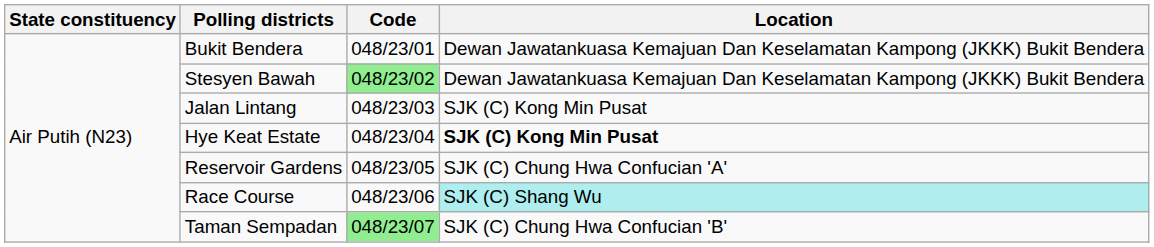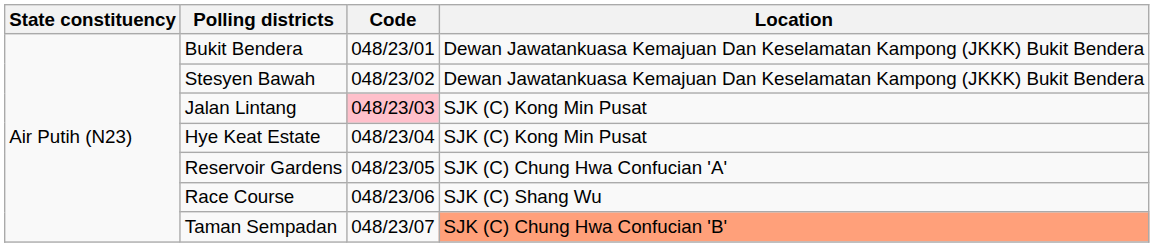 <table class="wikitable sortable mw-collapsible" style="white-space:nowrap;font-size:85%">
 <tr>
 <th>State constituency</th>
 <th>Polling districts</th>
 <th>Code</th>
 <th>Location</th>
 </tr>
 <tr>
 <td rowspan="7">Air Putih (N23)</td>
 <td>Bukit Bendera</td>
 <td>048/23/01</td>
 <td>Dewan Jawatankuasa Kemajuan Dan Keselamatan Kampong (JKKK) Bukit Bendera</td>
 </tr>
 <tr>
 <td>Stesyen Bawah</td>
-<td style="background: lightgreen;">048/23/02</td>
+<td>048/23/02</td>
 <td>Dewan Jawatankuasa Kemajuan Dan Keselamatan Kampong (JKKK) Bukit Bendera</td>
 </tr>
 <tr>
 <td>Jalan Lintang</td>
-<td>048/23/03</td>
+<td style="background: pink;">048/23/03</td>
 <td>SJK (C) Kong Min Pusat</td>
 </tr>
 <tr>
 <td>Hye Keat Estate</td>
 <td>048/23/04</td>
-<td><strong>SJK (C) Kong Min Pusat</strong></td>
+<td>SJK (C) Kong Min Pusat</td>
 </tr>
 <tr>
 <td>Reservoir Gardens</td>
 <td>048/23/05</td>
 <td>SJK (C) Chung Hwa Confucian 'A'</td>
 </tr>
 <tr>
 <td>Race Course</td>
 <td>048/23/06</td>
-<td style="background: paleturquoise;">SJK (C) Shang Wu</td>
+<td>SJK (C) Shang Wu</td>
 </tr>
 <tr>
 <td>Taman Sempadan</td>
-<td style="background: lightgreen;">048/23/07</td>
-<td>SJK (C) Chung Hwa Confucian 'B'</td>
+<td>048/23/07</td>
+<td style="background: lightsalmon;">SJK (C) Chung Hwa Confucian 'B'</td>
 </tr>
 </table>
